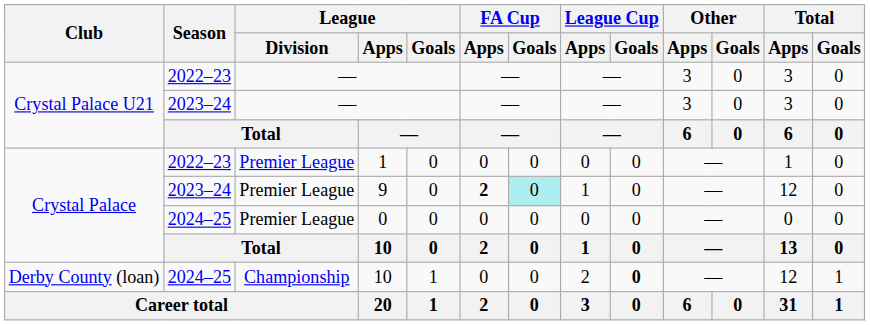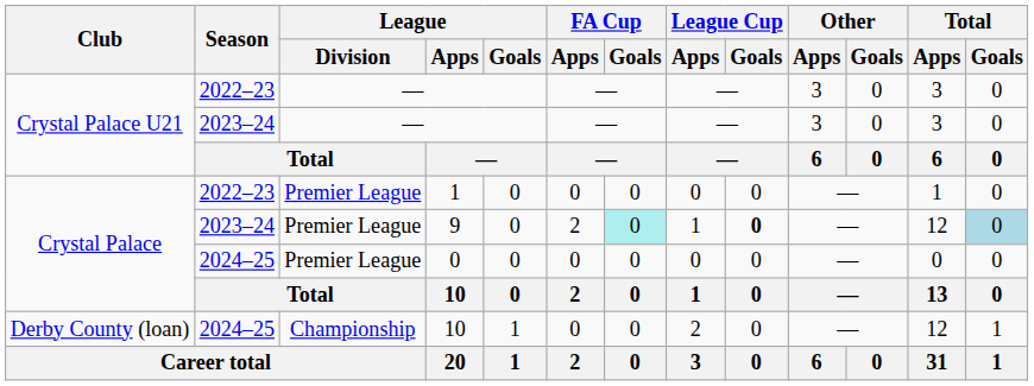 <table class="wikitable" style="text-align: center;">
 <tr>
 <th rowspan="2">Club</th>
 <th rowspan="2">Season</th>
 <th colspan="3">League</th>
 <th colspan="2"><a href='#'>FA Cup</a></th>
 <th colspan="2"><a href='#'>League Cup</a></th>
 <th colspan="2">Other</th>
 <th colspan="2">Total</th>
 </tr>
 <tr>
 <th>Division</th>
 <th>Apps</th>
 <th>Goals</th>
 <th>Apps</th>
 <th>Goals</th>
 <th>Apps</th>
 <th>Goals</th>
 <th>Apps</th>
 <th>Goals</th>
 <th>Apps</th>
 <th>Goals</th>
 </tr>
 <tr>
 <td rowspan="3"><a href='#'>Crystal Palace U21</a></td>
 <td><a href='#'>2022–23</a></td>
 <td colspan="3">—</td>
 <td colspan="2">—</td>
 <td colspan="2">—</td>
 <td>3</td>
 <td>0</td>
 <td>3</td>
 <td>0</td>
 </tr>
 <tr>
 <td><a href='#'>2023–24</a></td>
 <td colspan="3">—</td>
 <td colspan="2">—</td>
 <td colspan="2">—</td>
 <td>3</td>
 <td>0</td>
 <td>3</td>
 <td>0</td>
 </tr>
 <tr>
 <th colspan="2">Total</th>
 <th colspan="2">—</th>
 <th colspan="2">—</th>
 <th colspan="2">—</th>
 <th>6</th>
 <th>0</th>
 <th>6</th>
 <th>0</th>
 </tr>
 <tr>
 <td rowspan="4"><a href='#'>Crystal Palace</a></td>
 <td><a href='#'>2022–23</a></td>
 <td><a href='#'>Premier League</a></td>
 <td>1</td>
 <td>0</td>
 <td>0</td>
 <td>0</td>
 <td>0</td>
 <td>0</td>
 <td colspan="2">—</td>
 <td>1</td>
 <td>0</td>
 </tr>
 <tr>
 <td><a href='#'>2023–24</a></td>
 <td>Premier League</td>
 <td>9</td>
 <td>0</td>
-<td><strong>2</strong></td>
+<td>2</td>
 <td style="background: paleturquoise;">0</td>
 <td>1</td>
-<td>0</td>
+<td><strong>0</strong></td>
 <td colspan="2">—</td>
 <td>12</td>
-<td>0</td>
+<td style="background: lightblue;">0</td>
 </tr>
 <tr>
 <td><a href='#'>2024–25</a></td>
 <td>Premier League</td>
 <td>0</td>
 <td>0</td>
 <td>0</td>
 <td>0</td>
 <td>0</td>
 <td>0</td>
 <td colspan="2">—</td>
 <td>0</td>
 <td>0</td>
 </tr>
 <tr>
 <th colspan="2">Total</th>
 <th>10</th>
 <th>0</th>
 <th>2</th>
 <th>0</th>
 <th>1</th>
 <th>0</th>
 <th colspan="2">—</th>
 <th>13</th>
 <th>0</th>
 </tr>
 <tr>
 <td><a href='#'>Derby County</a> (loan)</td>
 <td><a href='#'>2024–25</a></td>
 <td><a href='#'>Championship</a></td>
 <td>10</td>
 <td>1</td>
 <td>0</td>
 <td>0</td>
 <td>2</td>
-<td><strong>0</strong></td>
+<td>0</td>
 <td colspan="2">—</td>
 <td>12</td>
 <td>1</td>
 </tr>
 <tr>
 <th colspan="3">Career total</th>
 <th>20</th>
 <th>1</th>
 <th>2</th>
 <th>0</th>
 <th>3</th>
 <th>0</th>
 <th>6</th>
 <th>0</th>
 <th>31</th>
 <th>1</th>
 </tr>
 </table>
